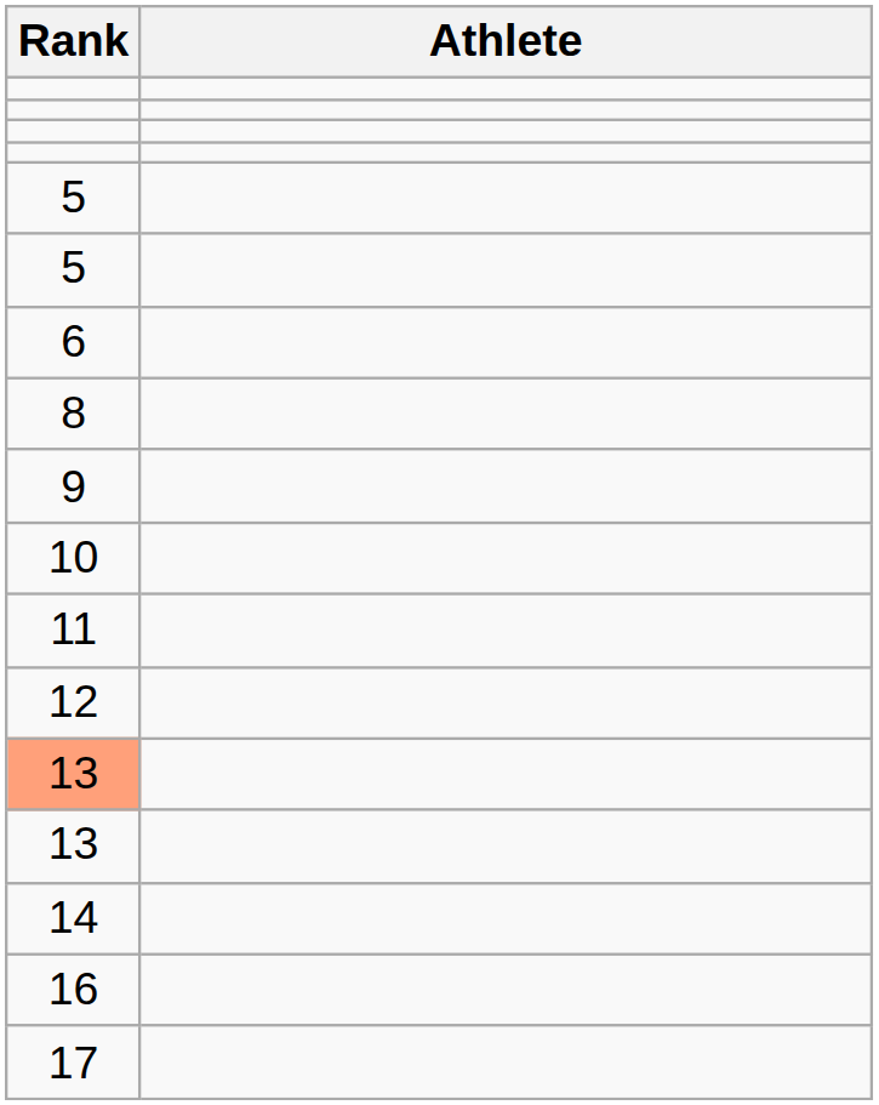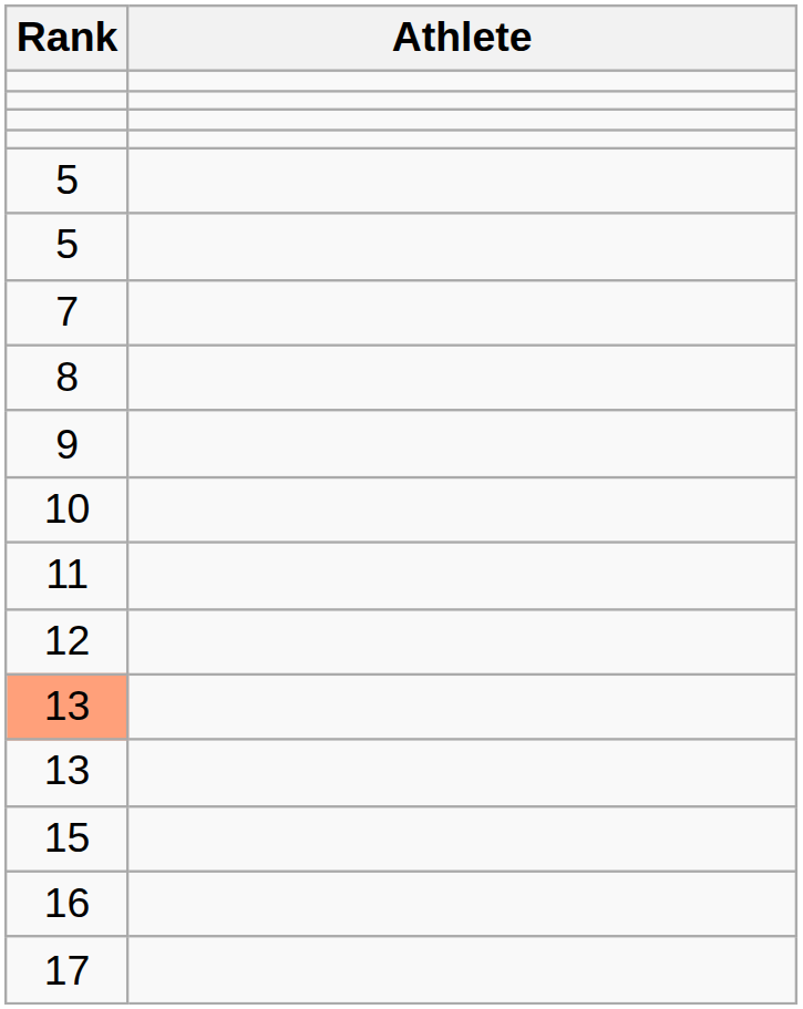 <table class="wikitable" style="text-align: center;">
 <tr>
 <th width=40>Rank</th>
 <th width=250>Athlete</th>
 </tr>
 <tr>
 <td></td>
 <td align="left"></td>
 </tr>
 <tr>
 <td></td>
 <td align="left"></td>
 </tr>
 <tr>
 <td></td>
 <td align="left"></td>
 </tr>
 <tr>
 <td></td>
 <td align="left"></td>
 </tr>
 <tr>
 <td>5</td>
 <td align="left"></td>
 </tr>
 <tr>
 <td>5</td>
 <td align="left"></td>
 </tr>
 <tr>
-<td>6</td>
+<td>7</td>
 <td align="left"></td>
 </tr>
 <tr>
 <td>8</td>
 <td align="left"></td>
 </tr>
 <tr>
 <td>9</td>
 <td align="left"></td>
 </tr>
 <tr>
 <td>10</td>
 <td align="left"></td>
 </tr>
 <tr>
 <td>11</td>
 <td align="left"></td>
 </tr>
 <tr>
 <td>12</td>
 <td align="left"></td>
 </tr>
 <tr>
 <td style="background: lightsalmon;">13</td>
 <td align="left"></td>
 </tr>
 <tr>
 <td>13</td>
 <td align="left"></td>
 </tr>
 <tr>
-<td>14</td>
+<td>15</td>
 <td align="left"></td>
 </tr>
 <tr>
 <td>16</td>
 <td align="left"></td>
 </tr>
 <tr>
 <td>17</td>
 <td align="left"></td>
 </tr>
 </table>
